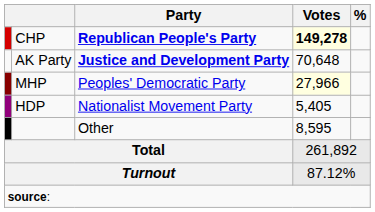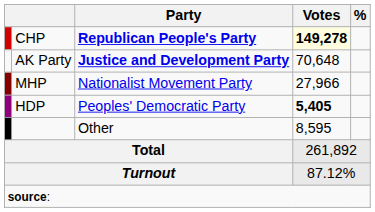 <table class="wikitable">
 <tr>
 <th colspan="2" align="center"></th>
 <th align="center">Party</th>
 <th align="center">Votes</th>
 <th align="center">%</th>
 </tr>
 <tr align="left">
 <td bgcolor="#d50000" width="1"></td>
 <td>CHP</td>
 <td><strong><a href='#'>Republican People's Party</a></strong></td>
 <td style="background: lightyellow;"><strong>149,278</strong></td>
 <td><strong></strong></td>
 </tr>
 <tr align="left">
 <td></td>
 <td>AK Party</td>
 <td><strong><a href='#'>Justice and Development Party</a></strong></td>
 <td>70,648</td>
 <td></td>
 </tr>
 <tr align="left">
 <td bgcolor="#870000" width="1"></td>
 <td>MHP</td>
-<td><a href='#'>Peoples' Democratic Party</a></td>
-<td style="background: lightyellow;">27,966</td>
+<td><a href='#'>Nationalist Movement Party</a></td>
+<td>27,966</td>
 <td></td>
 </tr>
 <tr align="left">
 <td bgcolor="#91007B" width="1"></td>
 <td>HDP</td>
-<td><a href='#'>Nationalist Movement Party</a></td>
-<td>5,405</td>
+<td><a href='#'>Peoples' Democratic Party</a></td>
+<td><strong>5,405</strong></td>
 <td></td>
 </tr>
 <tr align="left">
 <td bgcolor=" " width="1"></td>
 <td></td>
 <td>Other</td>
 <td>8,595</td>
 <td></td>
 </tr>
 <tr align="left" style="background-color:#E9E9E9">
 <th colspan="3" align="center"><strong>Total</strong></th>
 <td colspan="5" align="center">261,892</td>
 </tr>
 <tr align="left" style="background-color:#E9E9E9">
 <th colspan="3" align="center"><em>Turnout</em></th>
 <td colspan="5" align="center">87.12%</td>
 </tr>
 <tr>
 <td colspan="9" align="left"><small><strong>source</strong>: </small></td>
 </tr>
 </table>
